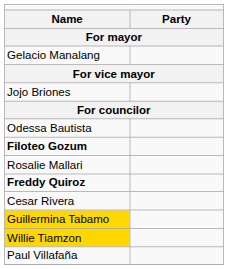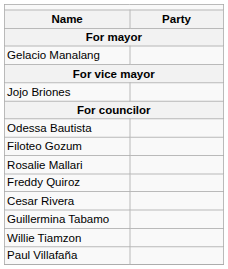 <table class=wikitable style="font-size:90%">
 <tr>
 <td colspan=4 bgcolor=></td>
 </tr>
 <tr>
 <th width=150px>Name</th>
 <th colspan=2 width=110px>Party</th>
 </tr>
 <tr>
 <th colspan=3>For mayor</th>
 </tr>
 <tr>
 <td>Gelacio Manalang</td>
 <td></td>
 </tr>
 <tr>
 <th colspan=3>For vice mayor</th>
 </tr>
 <tr>
 <td>Jojo Briones</td>
 <td></td>
 </tr>
 <tr>
 <th colspan=3>For councilor</th>
 </tr>
 <tr>
 <td>Odessa Bautista</td>
 <td></td>
 </tr>
 <tr>
-<td><strong>Filoteo Gozum</strong></td>
+<td>Filoteo Gozum</td>
 <td></td>
 </tr>
 <tr>
 <td>Rosalie Mallari</td>
 <td></td>
 </tr>
 <tr>
-<td><strong>Freddy Quiroz</strong></td>
+<td>Freddy Quiroz</td>
 <td></td>
 </tr>
 <tr>
 <td>Cesar Rivera</td>
 <td></td>
 </tr>
 <tr>
-<td style="background: gold;">Guillermina Tabamo</td>
+<td>Guillermina Tabamo</td>
 <td></td>
 </tr>
 <tr>
-<td style="background: gold;">Willie Tiamzon</td>
+<td>Willie Tiamzon</td>
 <td></td>
 </tr>
 <tr>
 <td>Paul Villafaña</td>
 <td></td>
 </tr>
 <tr>
 </tr>
 </table>
